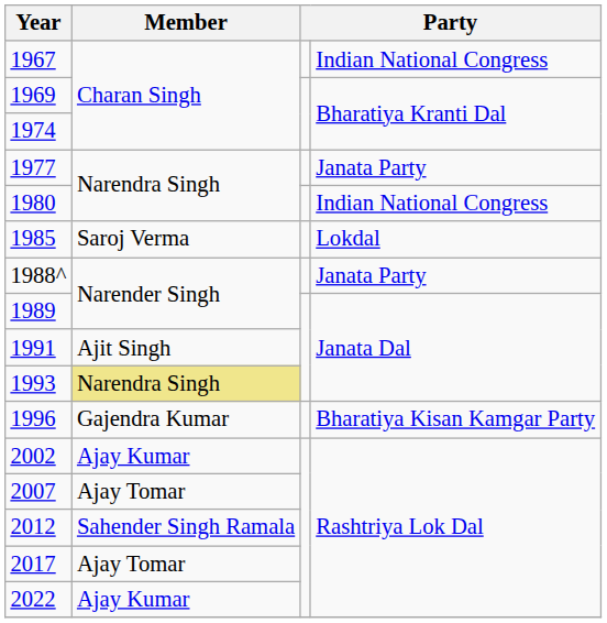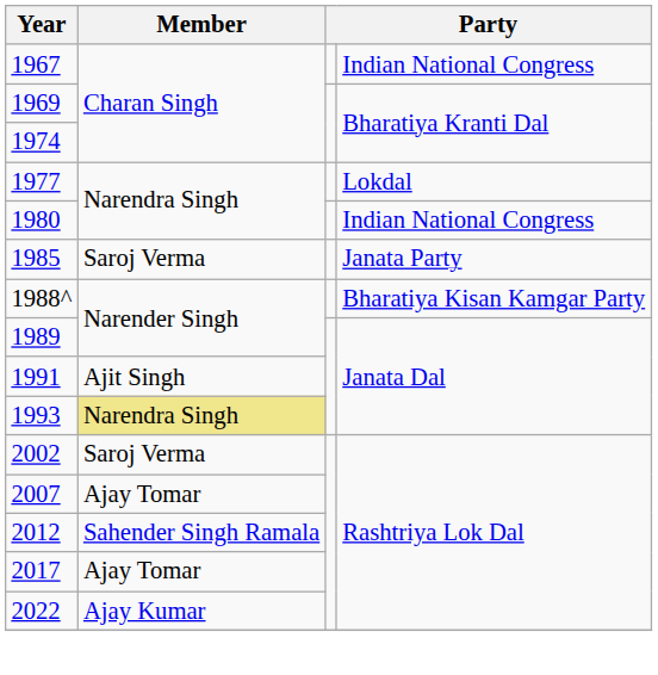 <table class="wikitable">
 <tr>
 <th>Year</th>
 <th>Member</th>
 <th colspan="2">Party</th>
 </tr>
 <tr>
 <td><a href='#'>1967</a></td>
 <td rowspan="3"><a href='#'>Charan Singh</a></td>
 <td style="background-color: "></td>
 <td><a href='#'>Indian National Congress</a></td>
 </tr>
 <tr>
 <td><a href='#'>1969</a></td>
 <td rowspan="2" style="background-color: "></td>
 <td rowspan="2"><a href='#'>Bharatiya Kranti Dal</a></td>
 </tr>
 <tr>
 <td><a href='#'>1974</a></td>
 </tr>
 <tr>
 <td><a href='#'>1977</a></td>
 <td rowspan="2">Narendra Singh</td>
 <td style="background-color: "></td>
-<td><a href='#'>Janata Party</a></td>
+<td><a href='#'>Lokdal</a></td>
 </tr>
 <tr>
 <td><a href='#'>1980</a></td>
 <td style="background-color: "></td>
 <td><a href='#'>Indian National Congress</a></td>
 </tr>
 <tr>
 <td><a href='#'>1985</a></td>
 <td>Saroj Verma</td>
 <td style="background-color: "></td>
-<td><a href='#'>Lokdal</a></td>
+<td><a href='#'>Janata Party</a></td>
 </tr>
 <tr>
 <td>1988^</td>
 <td rowspan="2">Narender Singh</td>
 <td style="background-color: "></td>
-<td><a href='#'>Janata Party</a></td>
+<td><a href='#'>Bharatiya Kisan Kamgar Party</a></td>
 </tr>
 <tr>
 <td><a href='#'>1989</a></td>
 <td rowspan="3" style="background-color: "></td>
 <td rowspan="3"><a href='#'>Janata Dal</a></td>
 </tr>
 <tr>
 <td><a href='#'>1991</a></td>
 <td>Ajit Singh</td>
 </tr>
 <tr>
 <td><a href='#'>1993</a></td>
 <td style="background: khaki;">Narendra Singh</td>
 </tr>
 <tr>
-<td><a href='#'>1996</a></td>
-<td>Gajendra Kumar</td>
-<td style="background-color: "></td>
-<td><a href='#'>Bharatiya Kisan Kamgar Party</a></td>
-</tr>
-<tr>
 <td><a href='#'>2002</a></td>
-<td><a href='#'>Ajay Kumar</a></td>
+<td>Saroj Verma</td>
 <td rowspan="5" style="background-color: "></td>
 <td rowspan="5"><a href='#'>Rashtriya Lok Dal</a></td>
 </tr>
 <tr>
 <td><a href='#'>2007</a></td>
 <td>Ajay Tomar</td>
 </tr>
 <tr>
 <td><a href='#'>2012</a></td>
 <td><a href='#'>Sahender Singh Ramala</a></td>
 </tr>
 <tr>
 <td><a href='#'>2017</a></td>
 <td>Ajay Tomar</td>
 </tr>
 <tr>
 <td><a href='#'>2022</a></td>
 <td><a href='#'>Ajay Kumar</a></td>
 </tr>
 <tr>
 </tr>
 </table>
